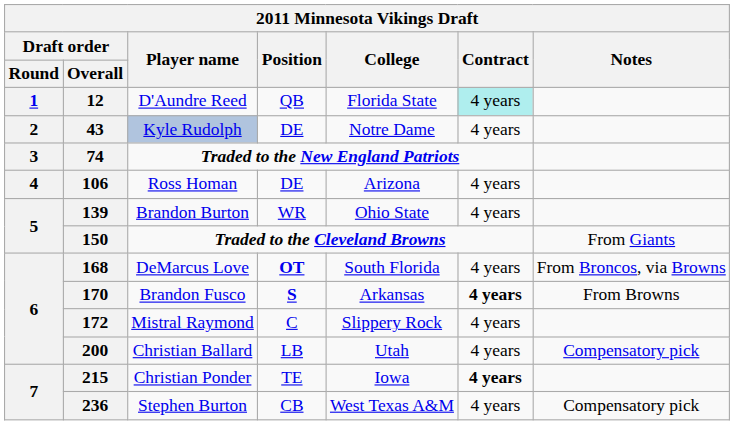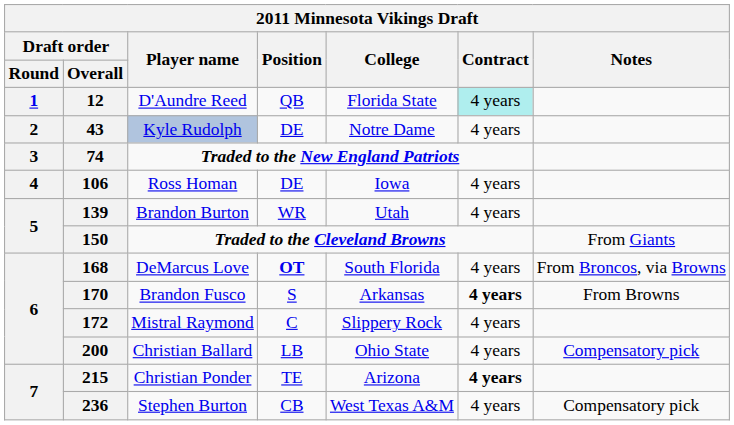 <table class="wikitable" style="text-align:center;">
 <tr>
 <th colspan="7">2011 Minnesota Vikings Draft</th>
 </tr>
 <tr>
 <th colspan="2">Draft order</th>
 <th rowspan="2">Player name</th>
 <th rowspan="2">Position</th>
 <th rowspan="2">College</th>
 <th rowspan="2">Contract</th>
 <th rowspan="2">Notes</th>
 </tr>
 <tr>
 <th>Round</th>
 <th>Overall</th>
 </tr>
 <tr>
 <th><a href='#'>1</a></th>
 <th>12</th>
 <td><a href='#'>D'Aundre Reed</a></td>
 <td><a href='#'>QB</a></td>
 <td><a href='#'>Florida State</a></td>
 <td style="background: paleturquoise;">4 years</td>
 <td></td>
 </tr>
 <tr>
 <th>2</th>
 <th>43</th>
 <td bgcolor=lightsteelblue><a href='#'>Kyle Rudolph</a></td>
 <td><a href='#'>DE</a></td>
 <td><a href='#'>Notre Dame</a></td>
 <td>4 years</td>
 <td></td>
 </tr>
 <tr>
 <th>3</th>
 <th>74</th>
 <td colspan="4"><strong><em>Traded to the <a href='#'>New England Patriots</a></em></strong></td>
 <td></td>
 </tr>
 <tr>
 <th>4</th>
 <th>106</th>
 <td><a href='#'>Ross Homan</a></td>
 <td><a href='#'>DE</a></td>
-<td><a href='#'>Arizona</a></td>
+<td><a href='#'>Iowa</a></td>
 <td>4 years</td>
 <td></td>
 </tr>
 <tr>
 <th rowspan="2">5</th>
 <th>139</th>
 <td><a href='#'>Brandon Burton</a></td>
 <td><a href='#'>WR</a></td>
-<td><a href='#'>Ohio State</a></td>
+<td><a href='#'>Utah</a></td>
 <td>4 years</td>
 <td></td>
 </tr>
 <tr>
 <th>150</th>
 <td colspan="4"><strong><em>Traded to the <a href='#'>Cleveland Browns</a></em></strong></td>
 <td>From <a href='#'>Giants</a></td>
 </tr>
 <tr>
 <th rowspan="4">6</th>
 <th>168</th>
 <td><a href='#'>DeMarcus Love</a></td>
 <td><strong><a href='#'>OT</a></strong></td>
 <td><a href='#'>South Florida</a></td>
 <td>4 years</td>
 <td>From <a href='#'>Broncos</a>, via <a href='#'>Browns</a></td>
 </tr>
 <tr>
 <th>170</th>
 <td><a href='#'>Brandon Fusco</a></td>
-<td><strong><a href='#'>S</a></strong></td>
+<td><a href='#'>S</a></td>
 <td><a href='#'>Arkansas</a></td>
 <td><strong>4 years</strong></td>
 <td>From Browns</td>
 </tr>
 <tr>
 <th>172</th>
 <td><a href='#'>Mistral Raymond</a></td>
 <td><a href='#'>C</a></td>
 <td><a href='#'>Slippery Rock</a></td>
 <td>4 years</td>
 <td></td>
 </tr>
 <tr>
 <th>200</th>
 <td><a href='#'>Christian Ballard</a></td>
 <td><a href='#'>LB</a></td>
-<td><a href='#'>Utah</a></td>
+<td><a href='#'>Ohio State</a></td>
 <td>4 years</td>
 <td><a href='#'>Compensatory pick</a></td>
 </tr>
 <tr>
 <th rowspan="2">7</th>
 <th>215</th>
 <td><a href='#'>Christian Ponder</a></td>
 <td><a href='#'>TE</a></td>
-<td><a href='#'>Iowa</a></td>
+<td><a href='#'>Arizona</a></td>
 <td><strong>4 years</strong></td>
 <td></td>
 </tr>
 <tr>
 <th>236</th>
 <td><a href='#'>Stephen Burton</a></td>
 <td><a href='#'>CB</a></td>
 <td><a href='#'>West Texas A&M</a></td>
 <td>4 years</td>
 <td>Compensatory pick</td>
 </tr>
 </table>
